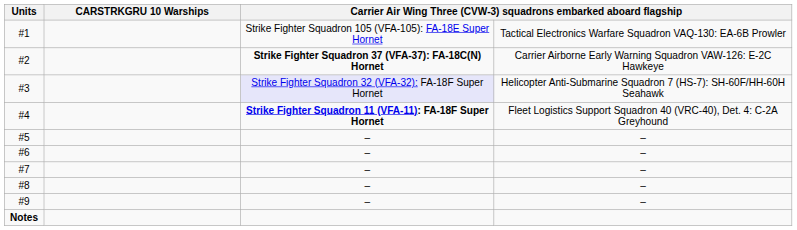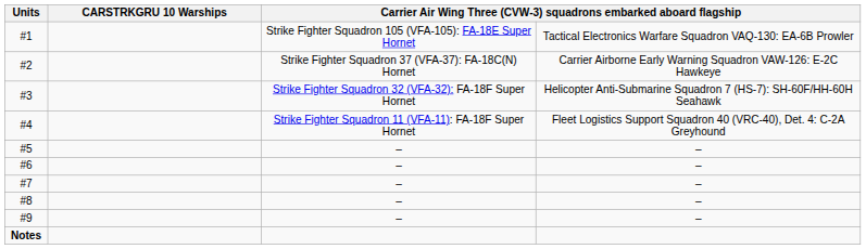 <table class="wikitable" style="text-align:center" width=99%>
 <tr>
 <th rowspan="1" width="5%">Units</th>
 <th colspan="1" width="25%" align="center">CARSTRKGRU 10 Warships</th>
 <th colspan="2" align="center">Carrier Air Wing Three (CVW-3) squadrons embarked aboard flagship </th>
 </tr>
 <tr>
 <td>#1</td>
 <td></td>
 <td>Strike Fighter Squadron 105 (VFA-105):  <a href='#'>FA-18E Super Hornet</a></td>
 <td>Tactical Electronics Warfare Squadron VAQ-130:  EA-6B Prowler</td>
 </tr>
 <tr>
 <td>#2</td>
 <td></td>
-<td><strong>Strike Fighter Squadron 37 (VFA-37):  FA-18C(N) Hornet</strong></td>
+<td>Strike Fighter Squadron 37 (VFA-37):  FA-18C(N) Hornet</td>
 <td>Carrier Airborne Early Warning Squadron VAW-126:  E-2C Hawkeye</td>
 </tr>
 <tr>
 <td>#3</td>
 <td></td>
-<td style="background: lavender;"><a href='#'>Strike Fighter Squadron 32 (VFA-32):</a> FA-18F Super Hornet</td>
+<td><a href='#'>Strike Fighter Squadron 32 (VFA-32):</a> FA-18F Super Hornet</td>
 <td>Helicopter Anti-Submarine Squadron 7 (HS-7):  SH-60F/HH-60H Seahawk</td>
 </tr>
 <tr>
 <td>#4</td>
 <td></td>
-<td><strong><a href='#'>Strike Fighter Squadron 11 (VFA-11)</a>:  FA-18F Super Hornet</strong></td>
+<td><a href='#'>Strike Fighter Squadron 11 (VFA-11)</a>:  FA-18F Super Hornet</td>
 <td>Fleet Logistics Support Squadron 40 (VRC-40), Det. 4:  C-2A Greyhound</td>
 </tr>
 <tr>
 <td>#5</td>
 <td></td>
 <td>–</td>
 <td>–</td>
 </tr>
 <tr>
 <td>#6</td>
 <td></td>
 <td>–</td>
 <td>–</td>
 </tr>
 <tr>
 <td>#7</td>
 <td></td>
 <td>–</td>
 <td>–</td>
 </tr>
 <tr>
 <td>#8</td>
 <td></td>
 <td>–</td>
 <td>–</td>
 </tr>
 <tr>
 <td>#9</td>
 <td></td>
 <td>–</td>
 <td>–</td>
 </tr>
 <tr>
 <td><strong>Notes</strong></td>
 <td></td>
 <td></td>
 <td></td>
 </tr>
 </table>
